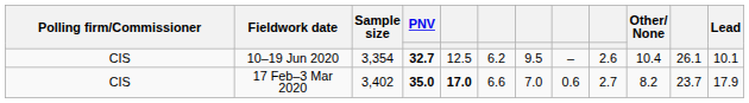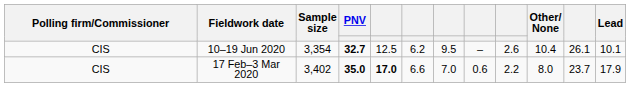 <table class="wikitable collapsible collapsed" style="text-align:center; font-size:90%; line-height:14px;">
 <tr style="height:42px;">
 <th style="width:250px;" rowspan="2">Polling firm/Commissioner</th>
 <th style="width:125px;" rowspan="2">Fieldwork date</th>
 <th style="width:50px;" rowspan="2">Sample size</th>
 <th style="width:35px;"><a href='#'>PNV</a></th>
 <th style="width:35px;"></th>
 <th style="width:35px;"></th>
 <th style="width:35px;"></th>
 <th style="width:35px;"></th>
 <th style="width:35px;"></th>
 <th style="width:35px;" rowspan="2">Other/<br>None</th>
 <th style="width:35px;" rowspan="2"></th>
 <th style="width:30px;" rowspan="2">Lead</th>
 </tr>
 <tr>
 <th style="color:inherit;background:"></th>
 <th style="color:inherit;background:"></th>
 <th style="color:inherit;background:"></th>
 <th style="color:inherit;background:"></th>
 <th style="color:inherit;background:"></th>
 <th style="color:inherit;background:"></th>
 </tr>
 <tr>
 <td>CIS</td>
 <td>10–19 Jun 2020</td>
 <td>3,354</td>
 <td><strong>32.7</strong></td>
 <td>12.5</td>
 <td>6.2</td>
 <td>9.5</td>
 <td>–</td>
 <td>2.6</td>
 <td>10.4</td>
 <td>26.1</td>
 <td style="background:">10.1</td>
 </tr>
 <tr>
 <td>CIS</td>
 <td>17 Feb–3 Mar 2020</td>
 <td>3,402</td>
 <td><strong>35.0</strong></td>
 <td><strong>17.0</strong></td>
 <td>6.6</td>
 <td>7.0</td>
 <td>0.6</td>
-<td>2.7</td>
-<td>8.2</td>
+<td>2.2</td>
+<td>8.0</td>
 <td>23.7</td>
 <td style="background:">17.9</td>
 </tr>
 </table>
